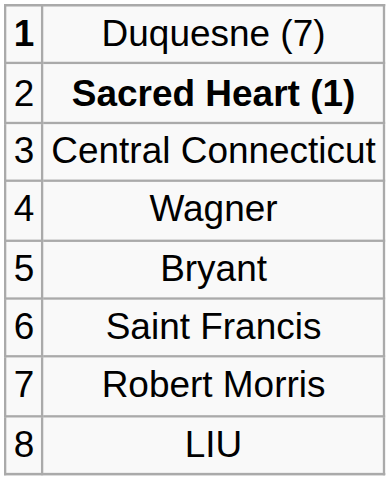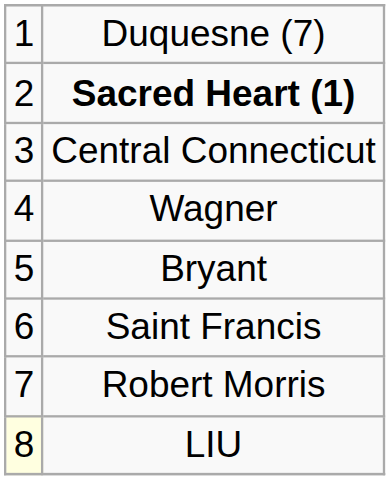 <table class="wikitable">
 <tr align="center">
 </tr>
 <tr align="center">
-<td><strong>1</strong></td>
+<td>1</td>
 <td>Duquesne (7)</td>
 </tr>
 <tr align="center">
 <td>2</td>
 <td><strong>Sacred Heart (1)</strong></td>
 </tr>
 <tr align="center">
 <td>3</td>
 <td>Central Connecticut</td>
 </tr>
 <tr align="center">
 <td>4</td>
 <td>Wagner</td>
 </tr>
 <tr align="center">
 <td>5</td>
 <td>Bryant</td>
 </tr>
 <tr align="center">
 <td>6</td>
 <td>Saint Francis</td>
 </tr>
 <tr align="center">
 <td>7</td>
 <td>Robert Morris</td>
 </tr>
 <tr align="center">
-<td>8</td>
+<td style="background: lightyellow;">8</td>
 <td>LIU</td>
 </tr>
 <tr>
 </tr>
 </table>
